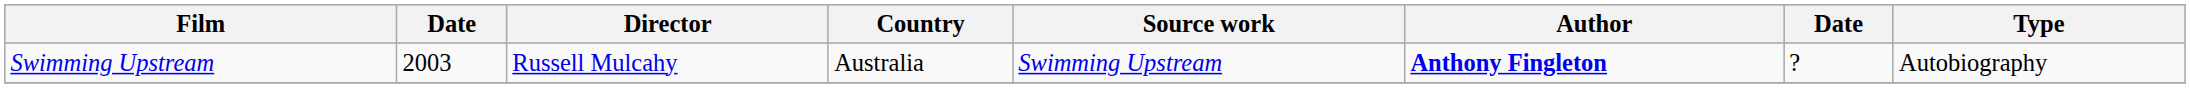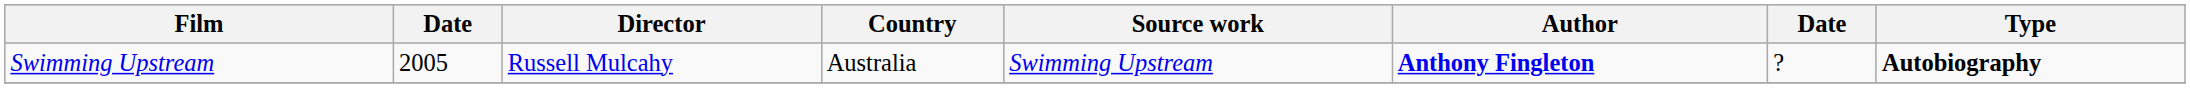 <table class="wikitable" style=width:90%>
 <tr style="background:#CCCCCC;">
 <th>Film</th>
 <th>Date</th>
 <th>Director</th>
 <th>Country</th>
 <th>Source work</th>
 <th>Author</th>
 <th>Date</th>
 <th>Type</th>
 </tr>
 <tr>
 <td><em><a href='#'>Swimming Upstream</a></em></td>
-<td>2003</td>
+<td>2005</td>
 <td><a href='#'>Russell Mulcahy</a></td>
 <td>Australia</td>
 <td><em><a href='#'>Swimming Upstream</a></em></td>
 <td><strong><a href='#'>Anthony Fingleton</a></strong></td>
 <td>?</td>
-<td>Autobiography</td>
+<td><strong>Autobiography</strong></td>
 </tr>
 <tr>
 </tr>
 </table>
